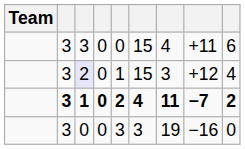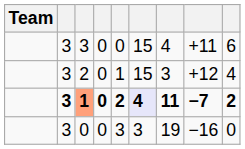 <table class="wikitable">
 <tr>
 <th>Team</th>
 <th></th>
 <th></th>
 <th></th>
 <th></th>
 <th></th>
 <th></th>
 <th></th>
 <th></th>
 </tr>
 <tr>
 <td></td>
 <td>3</td>
 <td>3</td>
 <td>0</td>
 <td>0</td>
 <td>15</td>
 <td>4</td>
 <td>+11</td>
 <td>6</td>
 </tr>
 <tr>
 <td></td>
 <td>3</td>
-<td style="background: lavender;">2</td>
+<td>2</td>
 <td>0</td>
 <td>1</td>
 <td>15</td>
 <td>3</td>
 <td>+12</td>
 <td>4</td>
 </tr>
 <tr>
 <td><strong></strong></td>
 <td><strong>3</strong></td>
-<td><strong>1</strong></td>
+<td style="background: lightsalmon;"><strong>1</strong></td>
 <td><strong>0</strong></td>
 <td><strong>2</strong></td>
-<td><strong>4</strong></td>
+<td style="background: lavender;"><strong>4</strong></td>
 <td><strong>11</strong></td>
 <td><strong>−7</strong></td>
 <td><strong>2</strong></td>
 </tr>
 <tr>
 <td></td>
 <td>3</td>
 <td>0</td>
 <td>0</td>
 <td>3</td>
 <td>3</td>
 <td>19</td>
 <td>−16</td>
 <td>0</td>
 </tr>
 </table>
